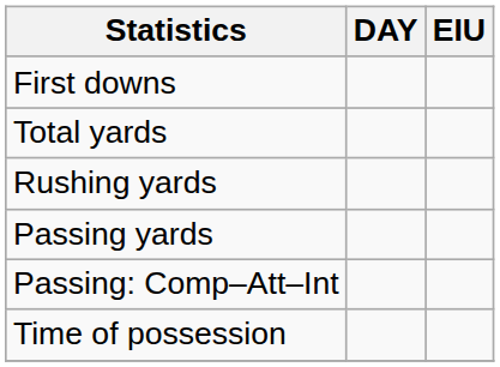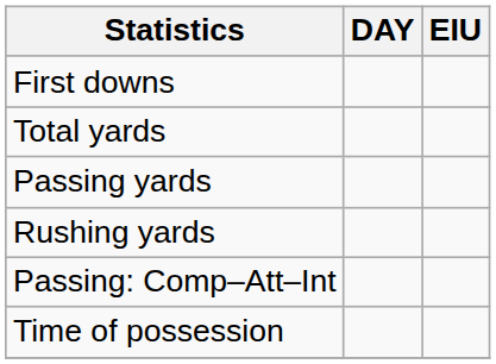 <table class="wikitable" style="float: left;">
 <tr>
 <th>Statistics</th>
 <th>DAY</th>
 <th>EIU</th>
 </tr>
 <tr>
 <td>First downs</td>
 <td></td>
 <td></td>
 </tr>
 <tr>
 <td>Total yards</td>
 <td></td>
 <td></td>
 </tr>
 <tr>
-<td>Rushing yards</td>
+<td>Passing yards</td>
 <td></td>
 <td></td>
 </tr>
 <tr>
-<td>Passing yards</td>
+<td>Rushing yards</td>
 <td></td>
 <td></td>
 </tr>
 <tr>
 <td>Passing: Comp–Att–Int</td>
 <td></td>
 <td></td>
 </tr>
 <tr>
 <td>Time of possession</td>
 <td></td>
 <td></td>
 </tr>
 <tr>
 </tr>
 </table>
